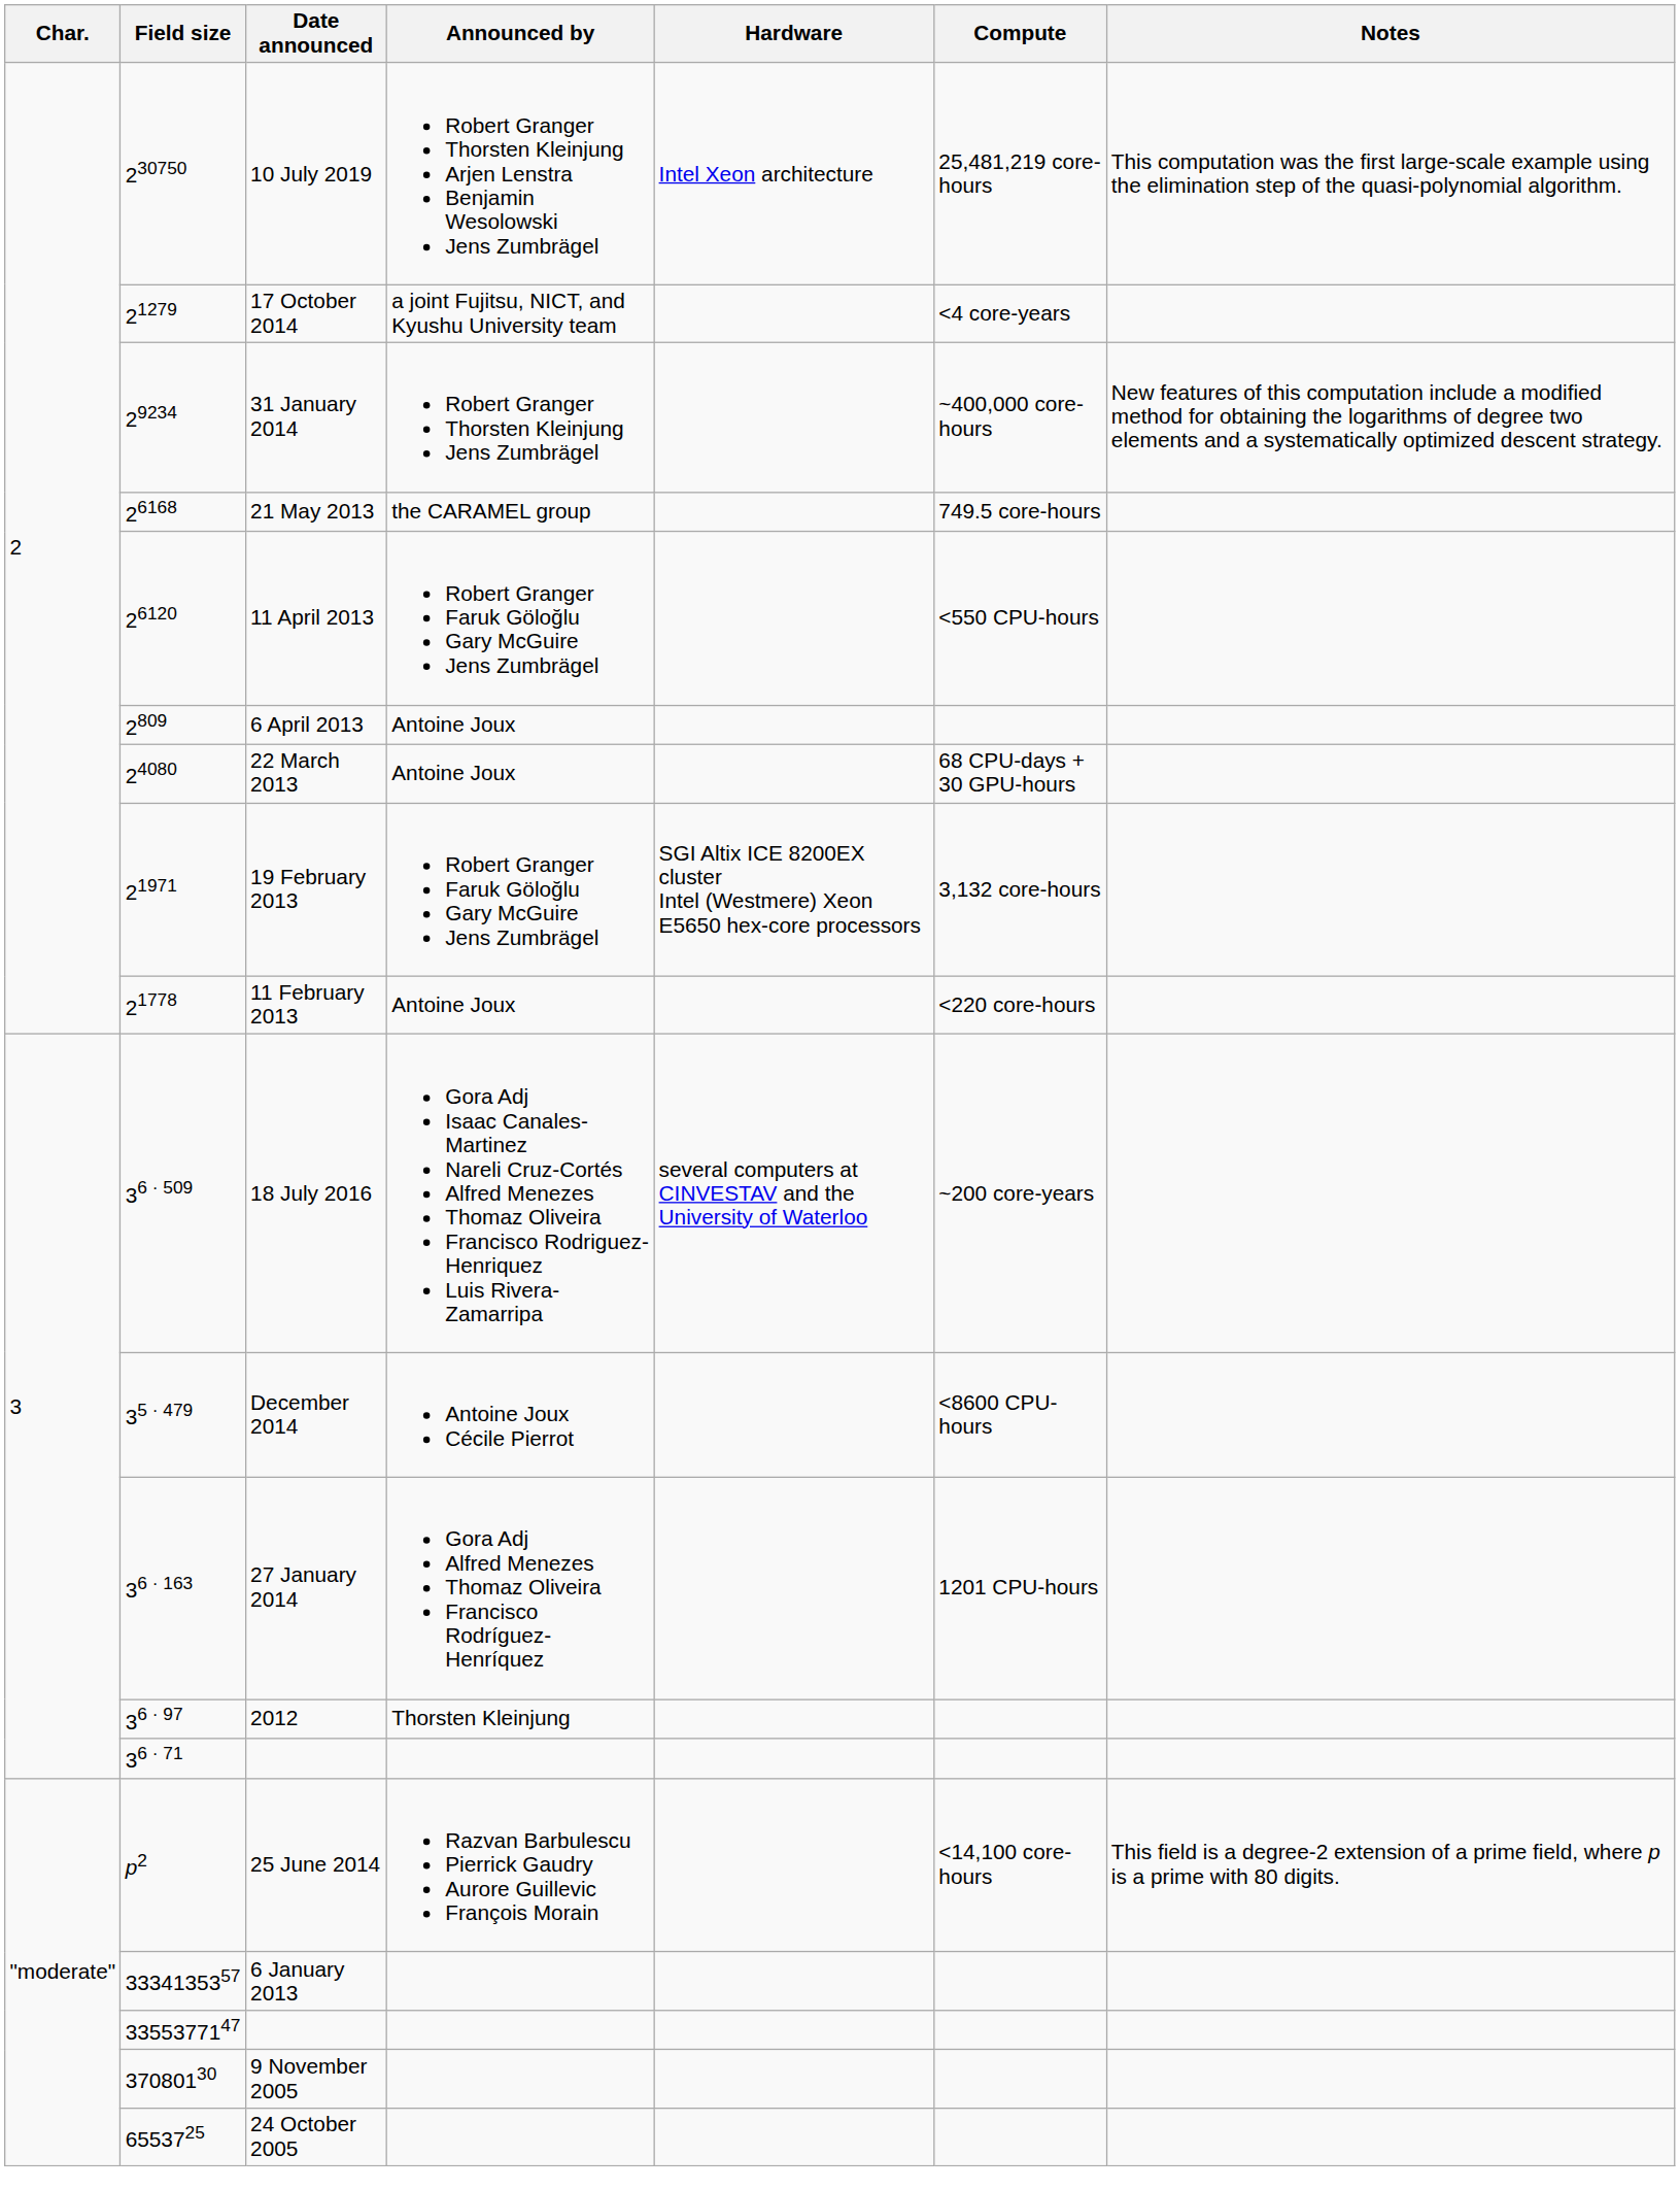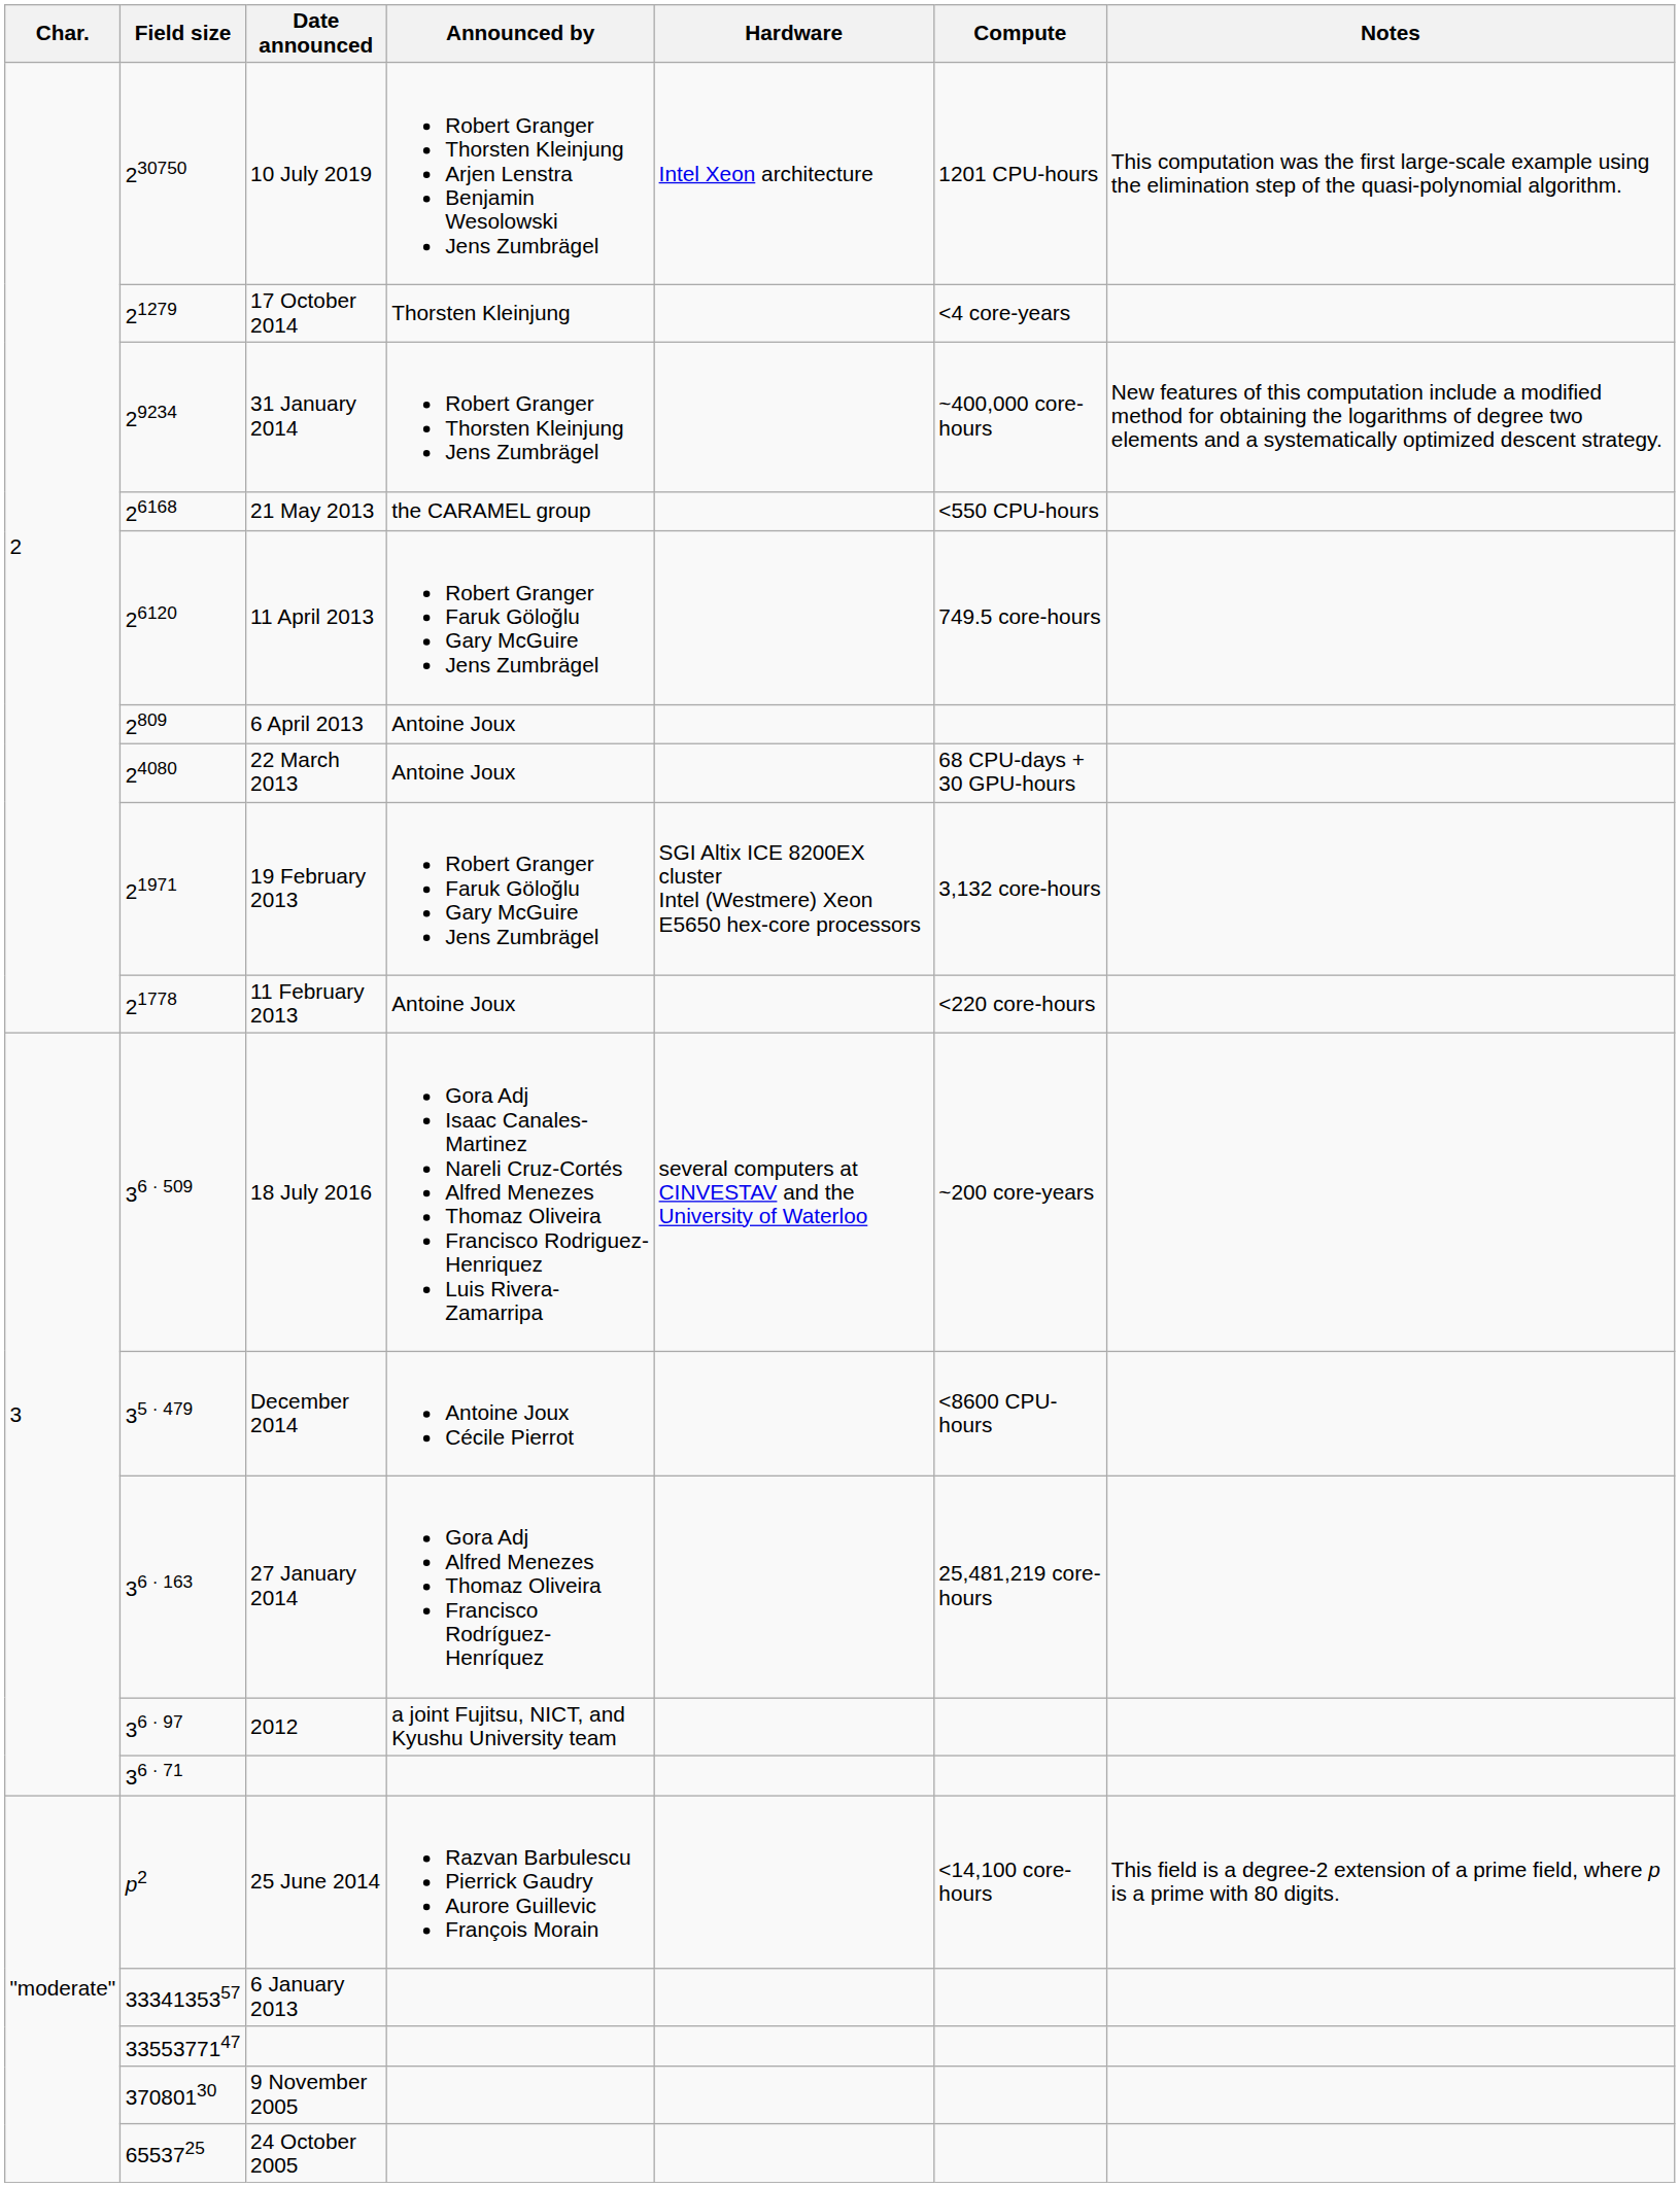 <table class="wikitable sortable">
 <tr>
 <th>Char.</th>
 <th>Field size</th>
 <th>Date announced</th>
 <th>Announced by</th>
 <th>Hardware</th>
 <th>Compute</th>
 <th>Notes</th>
 </tr>
 <tr>
 <td rowspan="9">2</td>
 <td>2<sup>30750</sup></td>
 <td data-sort-value="2019-07-10">10 July 2019</td>
 <td><br><ul><li>Robert Granger</li><li>Thorsten Kleinjung</li><li>Arjen Lenstra</li><li>Benjamin Wesolowski</li><li>Jens Zumbrägel</li></ul></td>
 <td><a href='#'>Intel Xeon</a> architecture</td>
-<td>25,481,219 core-hours</td>
+<td>1201 CPU-hours</td>
 <td>This computation was the first large-scale example using the elimination step of the quasi-polynomial algorithm.</td>
 </tr>
 <tr>
 <td>2<sup>1279</sup></td>
 <td data-sort-value="2014-10-17">17 October 2014</td>
-<td>a joint Fujitsu, NICT, and Kyushu University team</td>
+<td>Thorsten Kleinjung</td>
 <td></td>
 <td><4 core-years</td>
 <td></td>
 </tr>
 <tr>
 <td>2<sup>9234</sup></td>
 <td data-sort-value="2014-01-31">31 January 2014</td>
 <td><br><ul><li>Robert Granger</li><li>Thorsten Kleinjung</li><li>Jens Zumbrägel</li></ul></td>
 <td></td>
 <td>~400,000 core-hours</td>
 <td>New features of this computation include a modified method for obtaining the logarithms of degree two elements and a systematically optimized descent strategy.</td>
 </tr>
 <tr>
 <td>2<sup>6168</sup></td>
 <td data-sort-value="2013-05-21">21 May 2013</td>
 <td>the CARAMEL group</td>
 <td></td>
-<td>749.5 core-hours</td>
+<td><550 CPU-hours</td>
 <td></td>
 </tr>
 <tr>
 <td>2<sup>6120</sup></td>
 <td data-sort-value="2013-04-11">11 April 2013</td>
 <td><br><ul><li>Robert Granger</li><li>Faruk Göloğlu</li><li>Gary McGuire</li><li>Jens Zumbrägel</li></ul></td>
 <td></td>
-<td><550 CPU-hours</td>
+<td>749.5 core-hours</td>
 <td></td>
 </tr>
 <tr>
 <td>2<sup>809</sup></td>
 <td data-sort-value="2013-04-06">6 April 2013</td>
 <td>Antoine Joux</td>
 <td></td>
 <td></td>
 <td></td>
 </tr>
 <tr>
 <td>2<sup>4080</sup></td>
 <td data-sort-value="2013-03-22">22 March 2013</td>
 <td>Antoine Joux</td>
 <td></td>
 <td>68 CPU-days + 30 GPU-hours</td>
 <td></td>
 </tr>
 <tr>
 <td>2<sup>1971</sup></td>
 <td data-sort-value="2013-02-19">19 February 2013</td>
 <td><br><ul><li>Robert Granger</li><li>Faruk Göloğlu</li><li>Gary McGuire</li><li>Jens Zumbrägel</li></ul></td>
 <td>SGI Altix ICE 8200EX cluster<br>Intel (Westmere) Xeon E5650 hex-core processors</td>
 <td>3,132 core-hours</td>
 <td></td>
 </tr>
 <tr>
 <td>2<sup>1778</sup></td>
 <td data-sort-value="2013-02-11">11 February 2013</td>
 <td>Antoine Joux</td>
 <td></td>
 <td><220 core-hours</td>
 <td></td>
 </tr>
 <tr>
 <td rowspan="5">3</td>
 <td>3<sup>6 · 509</sup></td>
 <td data-sort-value="2016-07-18">18 July 2016</td>
 <td><br><ul><li>Gora Adj</li><li>Isaac Canales-Martinez</li><li>Nareli Cruz-Cortés</li><li>Alfred Menezes</li><li>Thomaz Oliveira</li><li>Francisco Rodriguez-Henriquez</li><li>Luis Rivera-Zamarripa</li></ul></td>
 <td>several computers at <a href='#'>CINVESTAV</a> and the <a href='#'>University of Waterloo</a></td>
 <td>~200 core-years</td>
 <td></td>
 </tr>
 <tr>
 <td>3<sup>5 · 479</sup></td>
 <td data-sort-value="2014-12-01">December 2014</td>
 <td><br><ul><li>Antoine Joux</li><li>Cécile Pierrot</li></ul></td>
 <td></td>
 <td><8600 CPU-hours</td>
 <td></td>
 </tr>
 <tr>
 <td>3<sup>6 · 163</sup></td>
 <td data-sort-value="2014-01-27">27 January 2014</td>
 <td><br><ul><li>Gora Adj</li><li>Alfred Menezes</li><li>Thomaz Oliveira</li><li>Francisco Rodríguez-Henríquez</li></ul></td>
 <td></td>
-<td>1201 CPU-hours</td>
+<td>25,481,219 core-hours</td>
 <td></td>
 </tr>
 <tr>
 <td>3<sup>6 · 97</sup></td>
 <td data-sort-value="2012-01-01">2012</td>
-<td>Thorsten Kleinjung</td>
+<td>a joint Fujitsu, NICT, and Kyushu University team</td>
 <td></td>
 <td></td>
 <td></td>
 </tr>
 <tr>
 <td>3<sup>6 · 71</sup></td>
 <td></td>
 <td></td>
 <td></td>
 <td></td>
 <td></td>
 </tr>
 <tr>
 <td rowspan="5">"moderate"</td>
 <td><em>p</em><sup>2</sup></td>
 <td data-sort-value="2014-06-25">25 June 2014</td>
 <td><br><ul><li>Razvan Barbulescu</li><li>Pierrick Gaudry</li><li>Aurore Guillevic</li><li>François Morain</li></ul></td>
 <td></td>
 <td><14,100 core-hours</td>
 <td>This field is a degree-2 extension of a prime field, where <em>p</em> is a prime with 80 digits.</td>
 </tr>
 <tr>
 <td>33341353<sup>57</sup></td>
 <td data-sort-value="2013-01-06">6 January 2013</td>
 <td></td>
 <td></td>
 <td></td>
 <td></td>
 </tr>
 <tr>
 <td>33553771<sup>47</sup></td>
 <td></td>
 <td></td>
 <td></td>
 <td></td>
 <td></td>
 </tr>
 <tr>
 <td>370801<sup>30</sup></td>
 <td data-sort-value="2005-11-09">9 November 2005</td>
 <td></td>
 <td></td>
 <td></td>
 <td></td>
 </tr>
 <tr>
 <td>65537<sup>25</sup></td>
 <td data-sort-value="2005-10-24">24 October 2005</td>
 <td></td>
 <td></td>
 <td></td>
 <td></td>
 </tr>
 </table>
